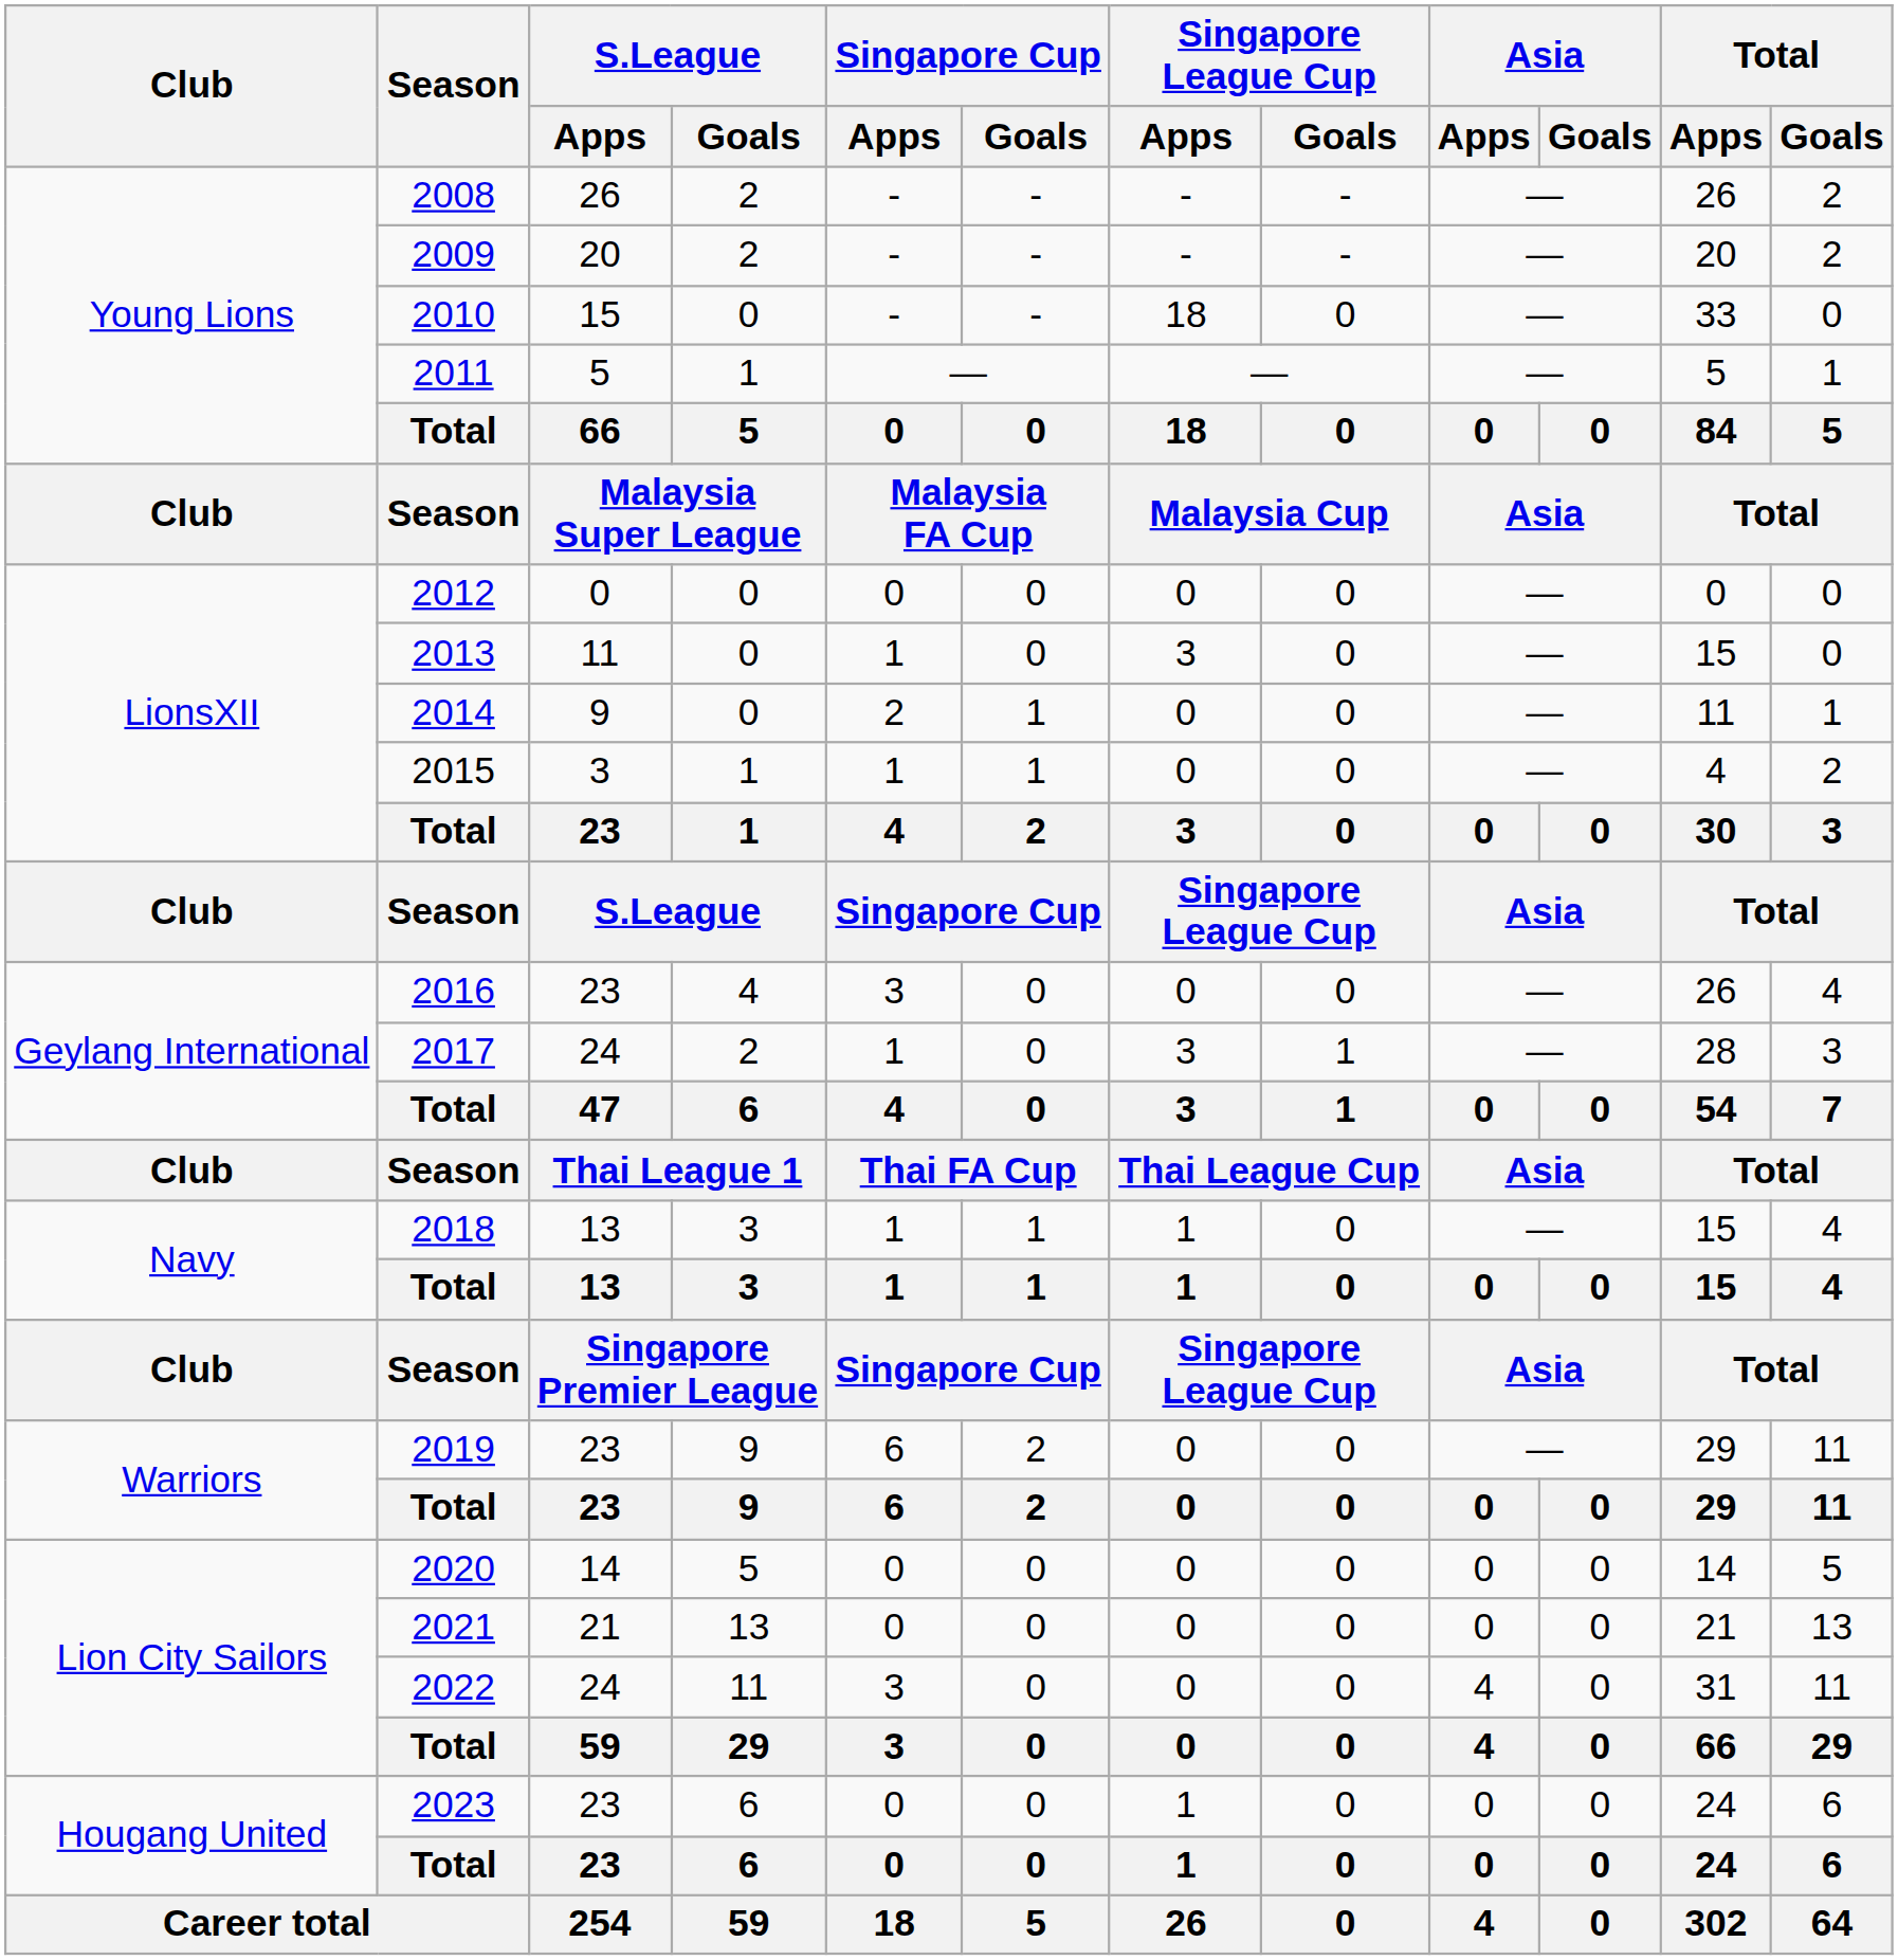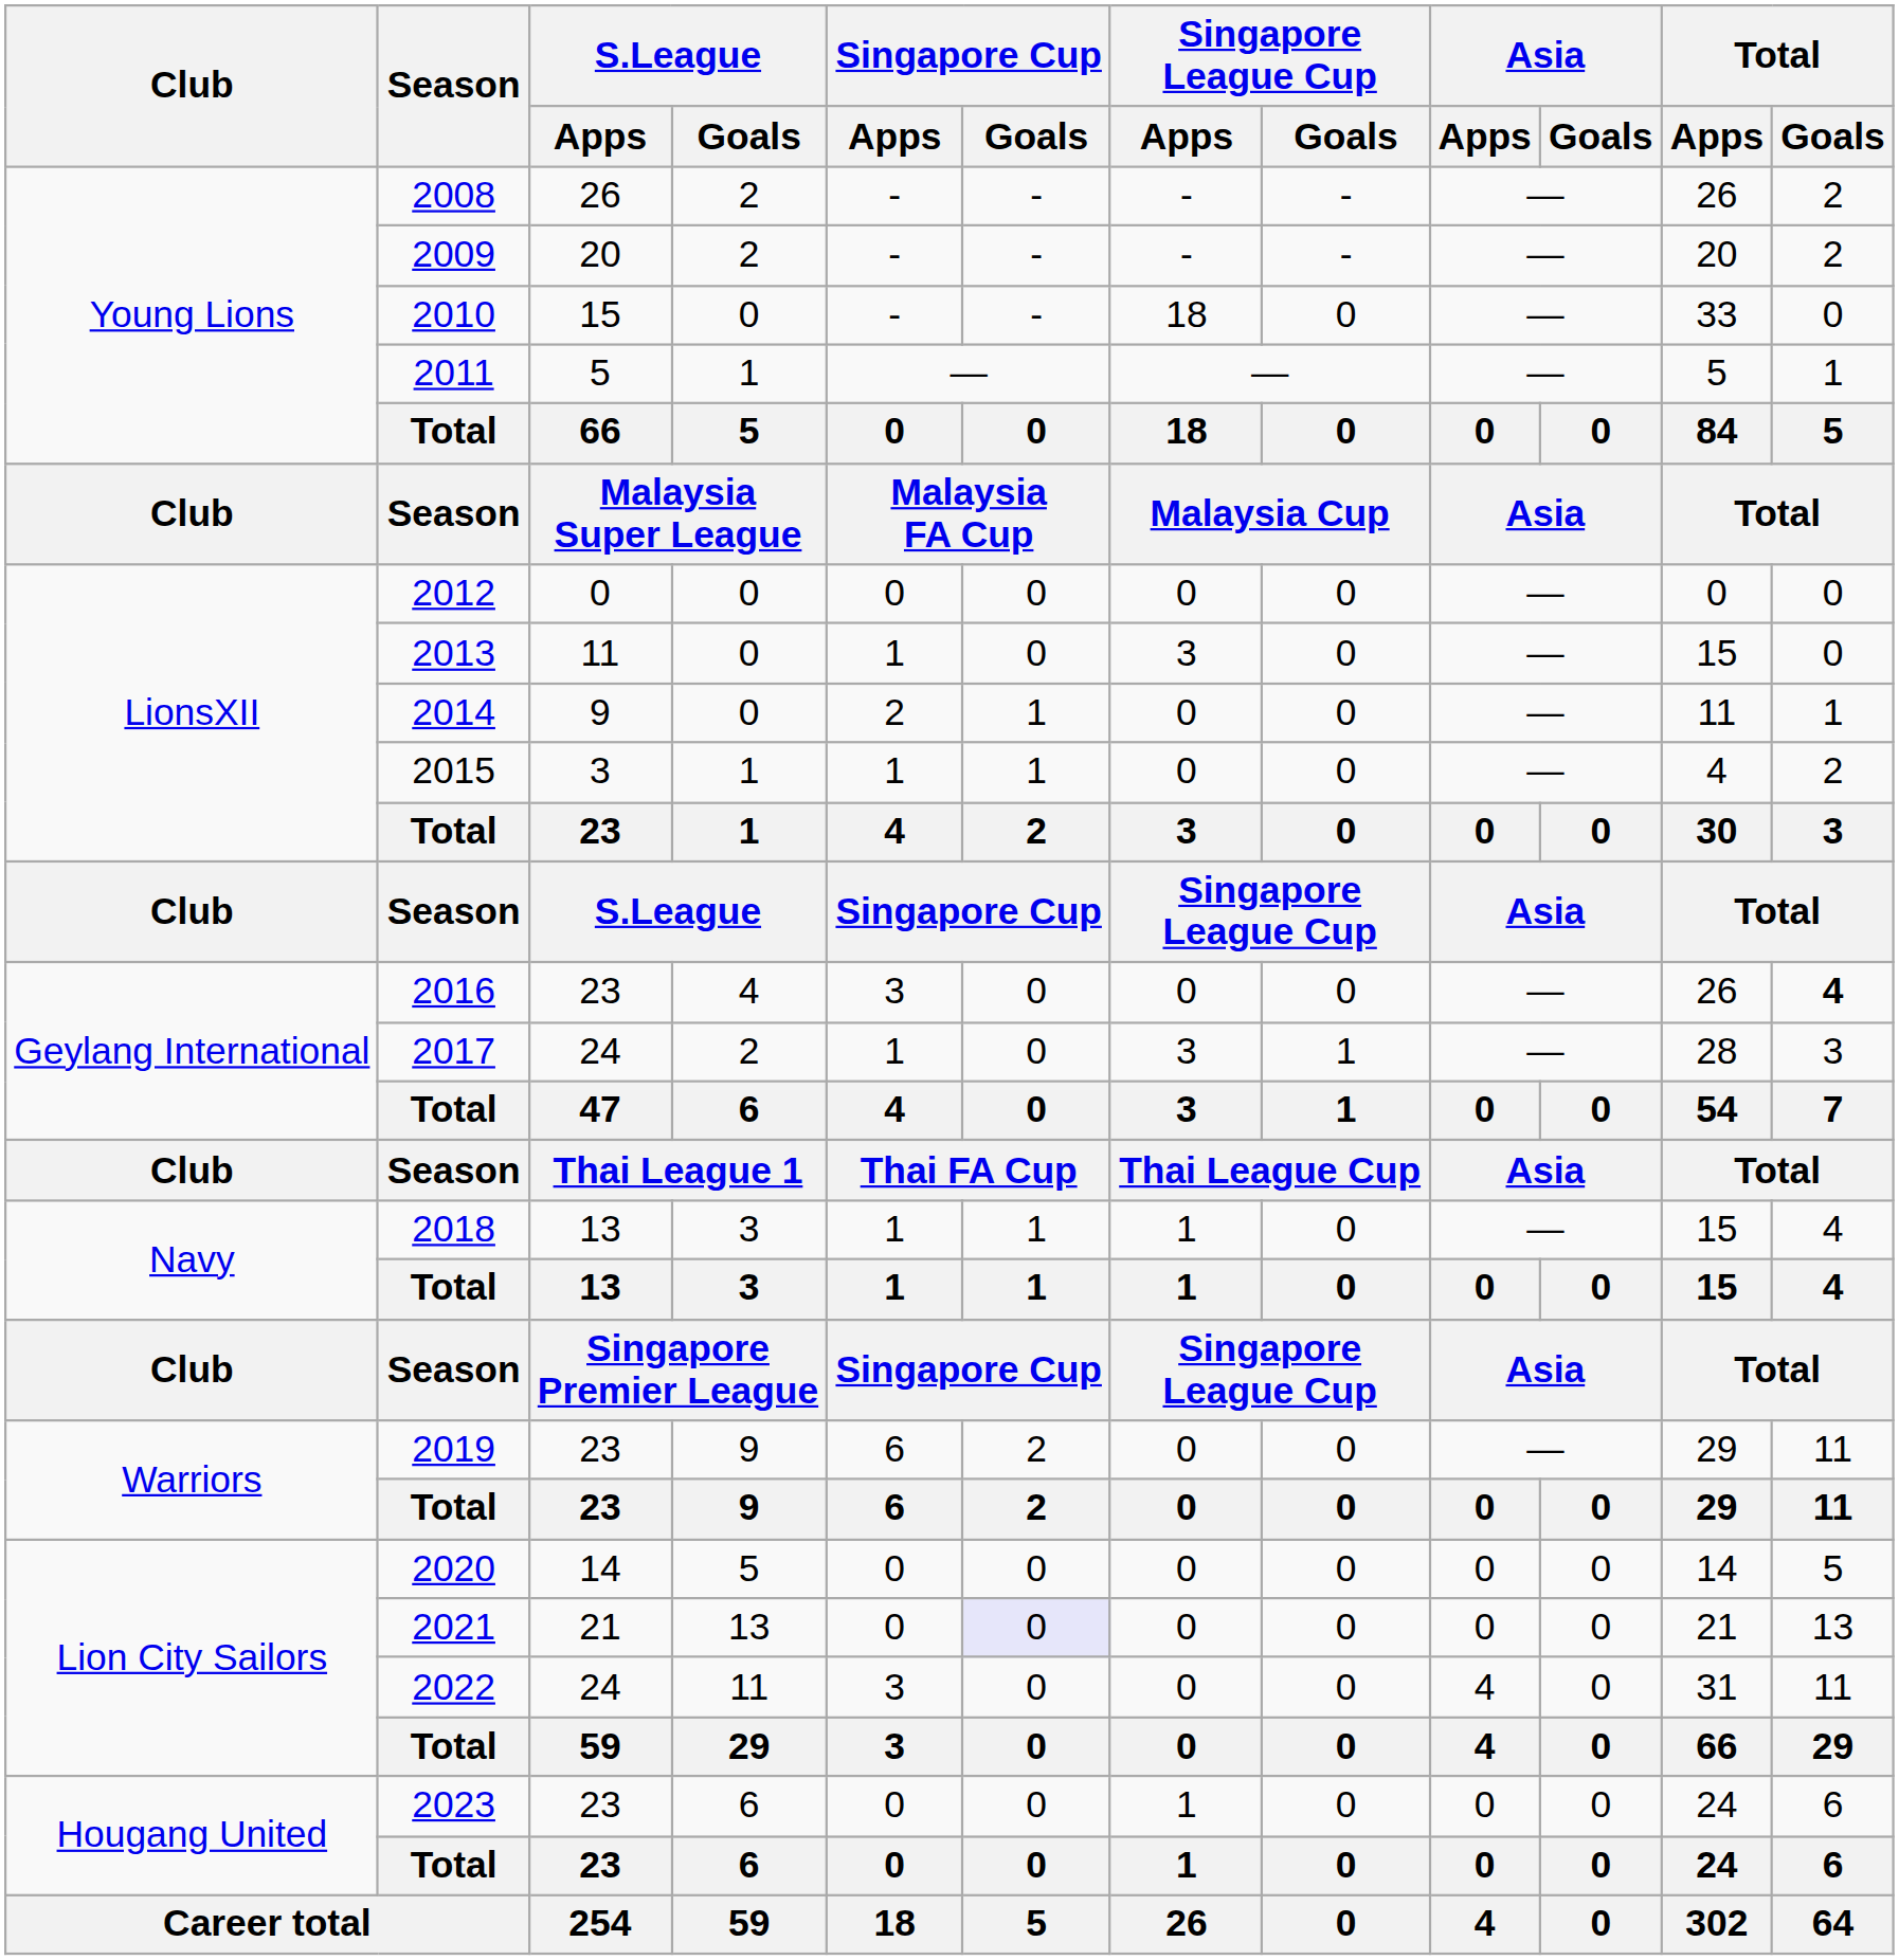 <table class="wikitable" style="text-align:center">
 <tr>
 <th rowspan="2">Club</th>
 <th rowspan="2">Season</th>
 <th colspan="2"><a href='#'>S.League</a></th>
 <th colspan="2"><a href='#'>Singapore Cup</a></th>
 <th colspan="2"><a href='#'>Singapore<br>League Cup</a></th>
 <th colspan="2"><a href='#'>Asia</a></th>
 <th colspan="2">Total</th>
 </tr>
 <tr>
 <th>Apps</th>
 <th>Goals</th>
 <th>Apps</th>
 <th>Goals</th>
 <th>Apps</th>
 <th>Goals</th>
 <th>Apps</th>
 <th>Goals</th>
 <th>Apps</th>
 <th>Goals</th>
 </tr>
 <tr>
 <td rowspan="5"><a href='#'>Young Lions</a></td>
 <td><a href='#'>2008</a></td>
 <td>26</td>
 <td>2</td>
 <td>-</td>
 <td>-</td>
 <td>-</td>
 <td>-</td>
 <td colspan='2'>—</td>
 <td>26</td>
 <td>2</td>
 </tr>
 <tr>
 <td><a href='#'>2009</a></td>
 <td>20</td>
 <td>2</td>
 <td>-</td>
 <td>-</td>
 <td>-</td>
 <td>-</td>
 <td colspan='2'>—</td>
 <td>20</td>
 <td>2</td>
 </tr>
 <tr>
 <td><a href='#'>2010</a></td>
 <td>15</td>
 <td>0</td>
 <td>-</td>
 <td>-</td>
 <td>18</td>
 <td>0</td>
 <td colspan='2'>—</td>
 <td>33</td>
 <td>0</td>
 </tr>
 <tr>
 <td><a href='#'>2011</a></td>
 <td>5</td>
 <td>1</td>
 <td colspan='2'>—</td>
 <td colspan='2'>—</td>
 <td colspan='2'>—</td>
 <td>5</td>
 <td>1</td>
 </tr>
 <tr>
 <th>Total</th>
 <th>66</th>
 <th>5</th>
 <th>0</th>
 <th>0</th>
 <th>18</th>
 <th>0</th>
 <th>0</th>
 <th>0</th>
 <th>84</th>
 <th>5</th>
 </tr>
 <tr>
 <th>Club</th>
 <th>Season</th>
 <th colspan="2"><a href='#'>Malaysia<br>Super League</a></th>
 <th colspan="2"><a href='#'>Malaysia<br>FA Cup</a></th>
 <th colspan="2"><a href='#'>Malaysia Cup</a></th>
 <th colspan="2"><a href='#'>Asia</a></th>
 <th colspan="2">Total</th>
 </tr>
 <tr>
 <td rowspan="5"><a href='#'>LionsXII</a></td>
 <td><a href='#'>2012</a></td>
 <td>0</td>
 <td>0</td>
 <td>0</td>
 <td>0</td>
 <td>0</td>
 <td>0</td>
 <td colspan='2'>—</td>
 <td>0</td>
 <td>0</td>
 </tr>
 <tr>
 <td><a href='#'>2013</a></td>
 <td>11</td>
 <td>0</td>
 <td>1</td>
 <td>0</td>
 <td>3</td>
 <td>0</td>
 <td colspan='2'>—</td>
 <td>15</td>
 <td>0</td>
 </tr>
 <tr>
 <td><a href='#'>2014</a></td>
 <td>9</td>
 <td>0</td>
 <td>2</td>
 <td>1</td>
 <td>0</td>
 <td>0</td>
 <td colspan='2'>—</td>
 <td>11</td>
 <td>1</td>
 </tr>
 <tr>
 <td>2015</td>
 <td>3</td>
 <td>1</td>
 <td>1</td>
 <td>1</td>
 <td>0</td>
 <td>0</td>
 <td colspan='2'>—</td>
 <td>4</td>
 <td>2</td>
 </tr>
 <tr>
 <th>Total</th>
 <th>23</th>
 <th>1</th>
 <th>4</th>
 <th>2</th>
 <th>3</th>
 <th>0</th>
 <th>0</th>
 <th>0</th>
 <th>30</th>
 <th>3</th>
 </tr>
 <tr>
 <th>Club</th>
 <th>Season</th>
 <th colspan="2"><a href='#'>S.League</a></th>
 <th colspan="2"><a href='#'>Singapore Cup</a></th>
 <th colspan="2"><a href='#'>Singapore<br>League Cup</a></th>
 <th colspan="2"><a href='#'>Asia</a></th>
 <th colspan="2">Total</th>
 </tr>
 <tr>
 <td rowspan="3"><a href='#'>Geylang International</a></td>
 <td><a href='#'>2016</a></td>
 <td>23</td>
 <td>4</td>
 <td>3</td>
 <td>0</td>
 <td>0</td>
 <td>0</td>
 <td colspan='2'>—</td>
 <td>26</td>
-<td>4</td>
+<td><strong>4</strong></td>
 </tr>
 <tr>
 <td><a href='#'>2017</a></td>
 <td>24</td>
 <td>2</td>
 <td>1</td>
 <td>0</td>
 <td>3</td>
 <td>1</td>
 <td colspan='2'>—</td>
 <td>28</td>
 <td>3</td>
 </tr>
 <tr>
 <th>Total</th>
 <th>47</th>
 <th>6</th>
 <th>4</th>
 <th>0</th>
 <th>3</th>
 <th>1</th>
 <th>0</th>
 <th>0</th>
 <th>54</th>
 <th>7</th>
 </tr>
 <tr>
 <th rowspan="1">Club</th>
 <th rowspan="1">Season</th>
 <th colspan="2"><a href='#'>Thai League 1</a></th>
 <th colspan="2"><a href='#'>Thai FA Cup</a></th>
 <th colspan="2"><a href='#'>Thai League Cup</a></th>
 <th colspan="2"><a href='#'>Asia</a></th>
 <th colspan="2">Total</th>
 </tr>
 <tr>
 <td rowspan="2"><a href='#'>Navy</a></td>
 <td><a href='#'>2018</a></td>
 <td>13</td>
 <td>3</td>
 <td>1</td>
 <td>1</td>
 <td>1</td>
 <td>0</td>
 <td colspan="2">—</td>
 <td>15</td>
 <td>4</td>
 </tr>
 <tr>
 <th>Total</th>
 <th>13</th>
 <th>3</th>
 <th>1</th>
 <th>1</th>
 <th>1</th>
 <th>0</th>
 <th>0</th>
 <th>0</th>
 <th>15</th>
 <th>4</th>
 </tr>
 <tr>
 <th>Club</th>
 <th>Season</th>
 <th colspan="2"><a href='#'>Singapore<br>Premier League</a></th>
 <th colspan="2"><a href='#'>Singapore Cup</a></th>
 <th colspan="2"><a href='#'>Singapore<br>League Cup</a></th>
 <th colspan="2"><a href='#'>Asia</a></th>
 <th colspan="2">Total</th>
 </tr>
 <tr>
 <td rowspan="2"><a href='#'>Warriors</a></td>
 <td><a href='#'>2019</a></td>
 <td>23</td>
 <td>9</td>
 <td>6</td>
 <td>2</td>
 <td>0</td>
 <td>0</td>
 <td colspan='2'>—</td>
 <td>29</td>
 <td>11</td>
 </tr>
 <tr>
 <th>Total</th>
 <th>23</th>
 <th>9</th>
 <th>6</th>
 <th>2</th>
 <th>0</th>
 <th>0</th>
 <th>0</th>
 <th>0</th>
 <th>29</th>
 <th>11</th>
 </tr>
 <tr>
 <td rowspan="4"><a href='#'>Lion City Sailors</a></td>
 <td><a href='#'>2020</a></td>
 <td>14</td>
 <td>5</td>
 <td>0</td>
 <td>0</td>
 <td>0</td>
 <td>0</td>
 <td>0</td>
 <td>0</td>
 <td>14</td>
 <td>5</td>
 </tr>
 <tr>
 <td><a href='#'>2021</a></td>
 <td>21</td>
 <td>13</td>
 <td>0</td>
-<td>0</td>
+<td style="background: lavender;">0</td>
 <td>0</td>
 <td>0</td>
 <td>0</td>
 <td>0</td>
 <td>21</td>
 <td>13</td>
 </tr>
 <tr>
 <td><a href='#'>2022</a></td>
 <td>24</td>
 <td>11</td>
 <td>3</td>
 <td>0</td>
 <td>0</td>
 <td>0</td>
 <td>4</td>
 <td>0</td>
 <td>31</td>
 <td>11</td>
 </tr>
 <tr>
 <th>Total</th>
 <th>59</th>
 <th>29</th>
 <th>3</th>
 <th>0</th>
 <th>0</th>
 <th>0</th>
 <th>4</th>
 <th>0</th>
 <th>66</th>
 <th>29</th>
 </tr>
 <tr>
 <td rowspan="2"><a href='#'>Hougang United</a></td>
 <td><a href='#'>2023</a></td>
 <td>23</td>
 <td>6</td>
 <td>0</td>
 <td>0</td>
 <td>1</td>
 <td>0</td>
 <td>0</td>
 <td>0</td>
 <td>24</td>
 <td>6</td>
 </tr>
 <tr>
 <th>Total</th>
 <th>23</th>
 <th>6</th>
 <th>0</th>
 <th>0</th>
 <th>1</th>
 <th>0</th>
 <th>0</th>
 <th>0</th>
 <th>24</th>
 <th>6</th>
 </tr>
 <tr>
 <th colspan="2">Career total</th>
 <th>254</th>
 <th>59</th>
 <th>18</th>
 <th>5</th>
 <th>26</th>
 <th>0</th>
 <th>4</th>
 <th>0</th>
 <th>302</th>
 <th>64</th>
 </tr>
 </table>
